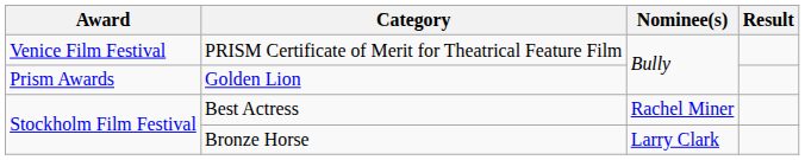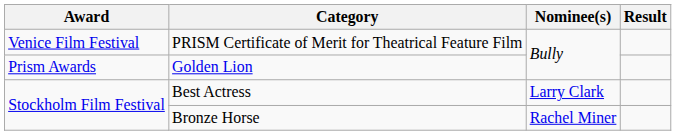 <table class="wikitable sortable">
 <tr>
 <th>Award</th>
 <th>Category</th>
 <th>Nominee(s)</th>
 <th>Result</th>
 </tr>
 <tr>
 <td><a href='#'>Venice Film Festival</a></td>
 <td>PRISM Certificate of Merit for Theatrical Feature Film</td>
 <td rowspan="2"><em>Bully</em></td>
 <td></td>
 </tr>
 <tr>
 <td><a href='#'>Prism Awards</a></td>
 <td><a href='#'>Golden Lion</a></td>
 <td></td>
 </tr>
 <tr>
 <td rowspan="2"><a href='#'>Stockholm Film Festival</a></td>
 <td>Best Actress</td>
-<td><a href='#'>Rachel Miner</a></td>
+<td><a href='#'>Larry Clark</a></td>
 <td></td>
 </tr>
 <tr>
 <td>Bronze Horse</td>
-<td><a href='#'>Larry Clark</a></td>
+<td><a href='#'>Rachel Miner</a></td>
 <td></td>
 </tr>
 </table>
